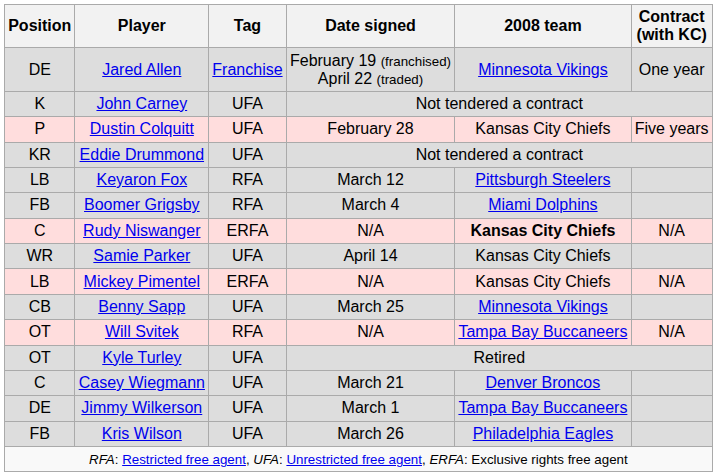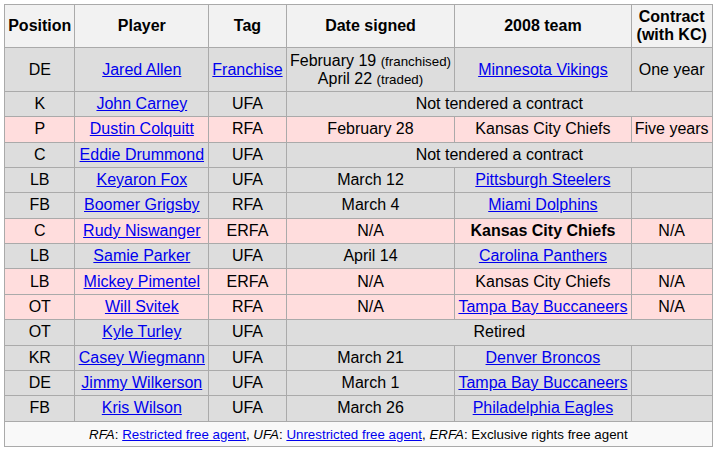 <table class="wikitable">
 <tr>
 <th>Position</th>
 <th>Player</th>
 <th>Tag</th>
 <th>Date signed</th>
 <th>2008 team</th>
 <th>Contract<br>(with KC)</th>
 </tr>
 <tr style="background:#ddd; text-align:center;">
 <td>DE</td>
 <td><a href='#'>Jared Allen</a></td>
 <td><a href='#'>Franchise</a></td>
 <td>February 19 <small>(franchised)</small><br>April 22 <small>(traded)</small></td>
 <td><a href='#'>Minnesota Vikings</a></td>
 <td>One year</td>
 </tr>
 <tr style="background:#ddd; text-align:center;">
 <td>K</td>
 <td><a href='#'>John Carney</a></td>
 <td>UFA</td>
 <td colspan="3">Not tendered a contract</td>
 </tr>
 <tr style="background:#fdd; text-align:center;">
 <td>P</td>
 <td><a href='#'>Dustin Colquitt</a></td>
-<td>UFA</td>
+<td>RFA</td>
 <td>February 28</td>
 <td>Kansas City Chiefs</td>
 <td>Five years</td>
 </tr>
 <tr style="background:#ddd; text-align:center;">
-<td>KR</td>
+<td>C</td>
 <td><a href='#'>Eddie Drummond</a></td>
 <td>UFA</td>
 <td colspan="3">Not tendered a contract</td>
 </tr>
 <tr style="background:#ddd; text-align:center;">
 <td>LB</td>
 <td><a href='#'>Keyaron Fox</a></td>
-<td>RFA</td>
+<td>UFA</td>
 <td>March 12</td>
 <td><a href='#'>Pittsburgh Steelers</a></td>
 <td></td>
 </tr>
 <tr style="background:#ddd; text-align:center;">
 <td>FB</td>
 <td><a href='#'>Boomer Grigsby</a></td>
 <td>RFA</td>
 <td>March 4</td>
 <td><a href='#'>Miami Dolphins</a></td>
 <td></td>
 </tr>
 <tr style="background:#fdd; text-align:center;">
 <td>C</td>
 <td><a href='#'>Rudy Niswanger</a></td>
 <td>ERFA</td>
 <td>N/A</td>
 <td><strong>Kansas City Chiefs</strong></td>
 <td>N/A</td>
 </tr>
 <tr style="background:#ddd; text-align:center;">
-<td>WR</td>
+<td>LB</td>
 <td><a href='#'>Samie Parker</a></td>
 <td>UFA</td>
 <td>April 14</td>
-<td>Kansas City Chiefs</td>
+<td><a href='#'>Carolina Panthers</a></td>
 <td></td>
 </tr>
 <tr style="background:#fdd; text-align:center;">
 <td>LB</td>
 <td><a href='#'>Mickey Pimentel</a></td>
 <td>ERFA</td>
 <td>N/A</td>
 <td>Kansas City Chiefs</td>
 <td>N/A</td>
-</tr>
-<tr style="background:#ddd; text-align:center;">
-<td>CB</td>
-<td><a href='#'>Benny Sapp</a></td>
-<td>UFA</td>
-<td>March 25</td>
-<td><a href='#'>Minnesota Vikings</a></td>
-<td></td>
 </tr>
 <tr style="background:#fdd; text-align:center;">
 <td>OT</td>
 <td><a href='#'>Will Svitek</a></td>
 <td>RFA</td>
 <td>N/A</td>
 <td><a href='#'>Tampa Bay Buccaneers</a></td>
 <td>N/A</td>
 </tr>
 <tr style="background:#ddd; text-align:center;">
 <td>OT</td>
 <td><a href='#'>Kyle Turley</a></td>
 <td>UFA</td>
 <td colspan="3">Retired</td>
 </tr>
 <tr style="background:#ddd; text-align:center;">
-<td>C</td>
+<td>KR</td>
 <td><a href='#'>Casey Wiegmann</a></td>
 <td>UFA</td>
 <td>March 21</td>
 <td><a href='#'>Denver Broncos</a></td>
 <td></td>
 </tr>
 <tr style="background:#ddd; text-align:center;">
 <td>DE</td>
 <td><a href='#'>Jimmy Wilkerson</a></td>
 <td>UFA</td>
 <td>March 1</td>
 <td><a href='#'>Tampa Bay Buccaneers</a></td>
 <td></td>
 </tr>
 <tr style="background:#ddd; text-align:center;">
 <td>FB</td>
 <td><a href='#'>Kris Wilson</a></td>
 <td>UFA</td>
 <td>March 26</td>
 <td><a href='#'>Philadelphia Eagles</a></td>
 <td></td>
 </tr>
 <tr>
 <td colspan="6" style="text-align:center;"><small><em>RFA</em>: <a href='#'>Restricted free agent</a>, <em>UFA</em>: <a href='#'>Unrestricted free agent</a>, <em>ERFA</em>: Exclusive rights free agent</small></td>
 </tr>
 </table>
